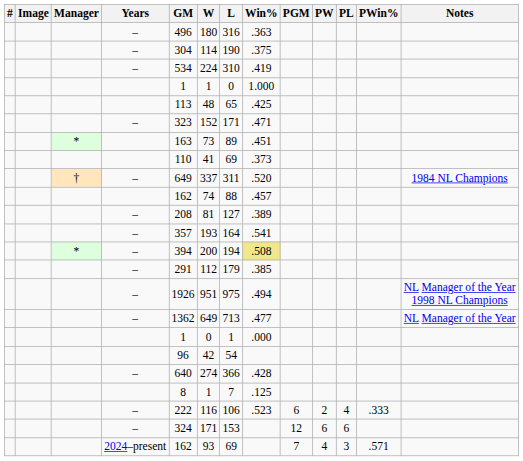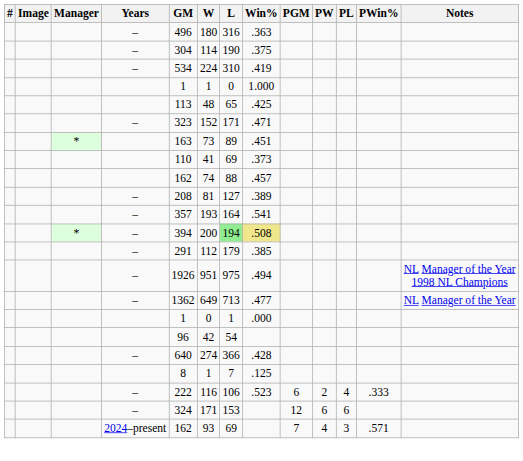 <table class="wikitable sortable" style="text-align:center">
 <tr>
 <th class="unsortable">#</th>
 <th class="unsortable">Image</th>
 <th>Manager</th>
 <th>Years</th>
 <th>GM</th>
 <th>W</th>
 <th>L</th>
 <th>Win%</th>
 <th>PGM</th>
 <th>PW</th>
 <th>PL</th>
 <th class="unsortable">PWin%</th>
 <th class="unsortable">Notes</th>
 </tr>
 <tr>
 <td align="center"></td>
 <td></td>
 <td></td>
 <td>–</td>
 <td align=center>496</td>
 <td align=center>180</td>
 <td align=center>316</td>
 <td align=center>.363</td>
 <td align=center></td>
 <td align=center></td>
 <td align=center></td>
 <td align=center></td>
 <td></td>
 </tr>
 <tr>
 <td align="center"></td>
 <td></td>
 <td></td>
 <td>–</td>
 <td align=center>304</td>
 <td align=center>114</td>
 <td align=center>190</td>
 <td align=center>.375</td>
 <td align=center></td>
 <td align=center></td>
 <td align=center></td>
 <td align=center></td>
 <td></td>
 </tr>
 <tr>
 <td align="center"></td>
 <td></td>
 <td></td>
 <td>–</td>
 <td align=center>534</td>
 <td align=center>224</td>
 <td align=center>310</td>
 <td align=center>.419</td>
 <td align=center></td>
 <td align=center></td>
 <td align=center></td>
 <td align=center></td>
 <td></td>
 </tr>
 <tr>
 <td align="center"></td>
 <td></td>
 <td></td>
 <td></td>
 <td align=center>1</td>
 <td align=center>1</td>
 <td align=center>0</td>
 <td align=center>1.000</td>
 <td align=center></td>
 <td align=center></td>
 <td align=center></td>
 <td align=center></td>
 <td></td>
 </tr>
 <tr>
 <td align="center"></td>
 <td></td>
 <td></td>
 <td></td>
 <td align=center>113</td>
 <td align=center>48</td>
 <td align=center>65</td>
 <td align=center>.425</td>
 <td align=center></td>
 <td align=center></td>
 <td align=center></td>
 <td align=center></td>
 <td></td>
 </tr>
 <tr>
 <td align="center"></td>
 <td></td>
 <td></td>
 <td>–</td>
 <td align=center>323</td>
 <td align=center>152</td>
 <td align=center>171</td>
 <td align=center>.471</td>
 <td align=center></td>
 <td align=center></td>
 <td align=center></td>
 <td align=center></td>
 <td></td>
 </tr>
 <tr>
 <td align="center"></td>
 <td></td>
 <td style="background-color:#ddffdd">*</td>
 <td></td>
 <td align=center>163</td>
 <td align=center>73</td>
 <td align=center>89</td>
 <td align=center>.451</td>
 <td align=center></td>
 <td align=center></td>
 <td align=center></td>
 <td align=center></td>
 <td></td>
 </tr>
 <tr>
 <td align="center"></td>
 <td></td>
 <td></td>
 <td></td>
 <td align=center>110</td>
 <td align=center>41</td>
 <td align=center>69</td>
 <td align=center>.373</td>
 <td align=center></td>
 <td align=center></td>
 <td align=center></td>
 <td align=center></td>
 <td></td>
 </tr>
 <tr>
 <td align="center"></td>
 <td></td>
-<td style="background-color:#FFE6BD">†</td>
-<td>–</td>
-<td align=center>649</td>
-<td align=center>337</td>
-<td align=center>311</td>
-<td align=center>.520</td>
-<td align=center></td>
-<td align=center></td>
-<td align=center></td>
-<td align=center></td>
-<td><a href='#'>1984 NL Champions</a></td>
-</tr>
-<tr>
-<td align="center"></td>
-<td></td>
 <td></td>
 <td></td>
 <td align=center>162</td>
 <td align=center>74</td>
 <td align=center>88</td>
 <td align=center>.457</td>
 <td align=center></td>
 <td align=center></td>
 <td align=center></td>
 <td align=center></td>
 <td></td>
 </tr>
 <tr>
 <td align="center"></td>
 <td></td>
 <td></td>
 <td>–</td>
 <td align=center>208</td>
 <td align=center>81</td>
 <td align=center>127</td>
 <td align=center>.389</td>
 <td align=center></td>
 <td align=center></td>
 <td align=center></td>
 <td align=center></td>
 <td></td>
 </tr>
 <tr>
 <td align="center"></td>
 <td></td>
 <td></td>
 <td>–</td>
 <td align=center>357</td>
 <td align=center>193</td>
 <td align=center>164</td>
 <td align=center>.541</td>
 <td align=center></td>
 <td align=center></td>
 <td align=center></td>
 <td align=center></td>
 <td></td>
 </tr>
 <tr>
 <td align="center"></td>
 <td></td>
 <td style="background-color:#ddffdd">*</td>
 <td>–</td>
 <td align=center>394</td>
 <td align=center>200</td>
-<td align=center>194</td>
+<td align=center style="background: lightgreen;">194</td>
 <td align=center style="background: khaki;">.508</td>
 <td align=center></td>
 <td align=center></td>
 <td align=center></td>
 <td align=center></td>
 <td></td>
 </tr>
 <tr>
 <td align="center"></td>
 <td></td>
 <td></td>
 <td>–</td>
 <td align=center>291</td>
 <td align=center>112</td>
 <td align=center>179</td>
 <td align=center>.385</td>
 <td align=center></td>
 <td align=center></td>
 <td align=center></td>
 <td align=center></td>
 <td></td>
 </tr>
 <tr>
 <td align="center"></td>
 <td></td>
 <td></td>
 <td>–</td>
 <td align=center>1926</td>
 <td align=center>951</td>
 <td align=center>975</td>
 <td align=center>.494</td>
 <td align=center></td>
 <td align=center></td>
 <td align=center></td>
 <td align=center></td>
 <td> <a href='#'>NL</a> <a href='#'>Manager of the Year</a><br><a href='#'>1998 NL Champions</a></td>
 </tr>
 <tr>
 <td align="center"></td>
 <td></td>
 <td></td>
 <td>–</td>
 <td align=center>1362</td>
 <td align=center>649</td>
 <td align=center>713</td>
 <td align=center>.477</td>
 <td align=center></td>
 <td align=center></td>
 <td align=center></td>
 <td align=center></td>
 <td> <a href='#'>NL</a> <a href='#'>Manager of the Year</a><br></td>
 </tr>
 <tr>
 <td align="center"></td>
 <td></td>
 <td></td>
 <td></td>
 <td align=center>1</td>
 <td align=center>0</td>
 <td align=center>1</td>
 <td align=center>.000</td>
 <td align=center></td>
 <td align=center></td>
 <td align=center></td>
 <td align=center></td>
 <td></td>
 </tr>
 <tr>
 <td align="center"></td>
 <td></td>
 <td></td>
 <td></td>
 <td align=center>96</td>
 <td align=center>42</td>
 <td align=center>54</td>
 <td align=center></td>
 <td align=center></td>
 <td align=center></td>
 <td align=center></td>
 <td align=center></td>
 <td></td>
 </tr>
 <tr>
 <td align="center"></td>
 <td></td>
 <td></td>
 <td>–</td>
 <td align=center>640</td>
 <td align=center>274</td>
 <td align=center>366</td>
 <td align=center>.428</td>
 <td align=center></td>
 <td align=center></td>
 <td align=center></td>
 <td align=center></td>
 <td></td>
 </tr>
 <tr>
 <td align="center"></td>
 <td></td>
 <td></td>
 <td></td>
 <td align=center>8</td>
 <td align=center>1</td>
 <td align=center>7</td>
 <td align=center>.125</td>
 <td align=center></td>
 <td align=center></td>
 <td align=center></td>
 <td align=center></td>
 <td></td>
 </tr>
 <tr>
 <td align="center"></td>
 <td></td>
 <td></td>
 <td>–</td>
 <td align=center>222</td>
 <td align=center>116</td>
 <td align=center>106</td>
 <td align=center>.523</td>
 <td align=center>6</td>
 <td align=center>2</td>
 <td align=center>4</td>
 <td align=center>.333</td>
 <td></td>
 </tr>
 <tr>
 <td align="center"></td>
 <td></td>
 <td></td>
 <td>–</td>
 <td align=center>324</td>
 <td align=center>171</td>
 <td align=center>153</td>
 <td align=center></td>
 <td align=center>12</td>
 <td align=center>6</td>
 <td align=center>6</td>
 <td align=center></td>
 <td></td>
 </tr>
 <tr>
 <td align="center"></td>
 <td></td>
 <td></td>
 <td><a href='#'>2024</a>–present</td>
 <td align=center>162</td>
 <td align=center>93</td>
 <td align=center>69</td>
 <td align=center></td>
 <td align=center>7</td>
 <td align=center>4</td>
 <td align=center>3</td>
 <td align=center>.571</td>
 <td align=center></td>
 </tr>
 </table>
